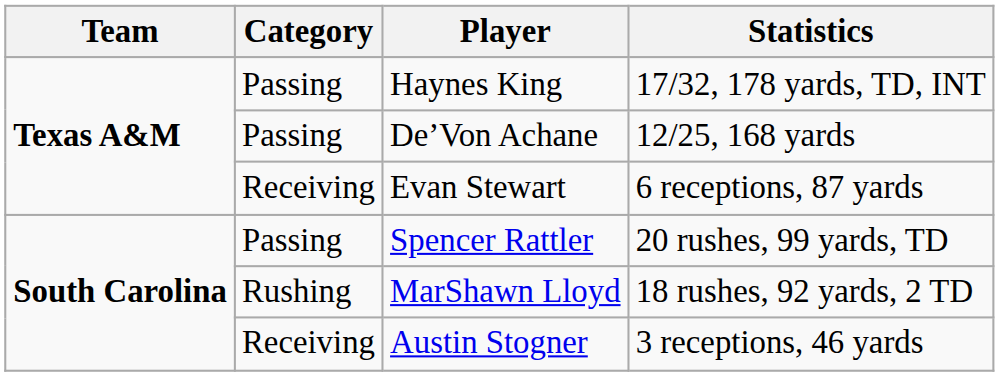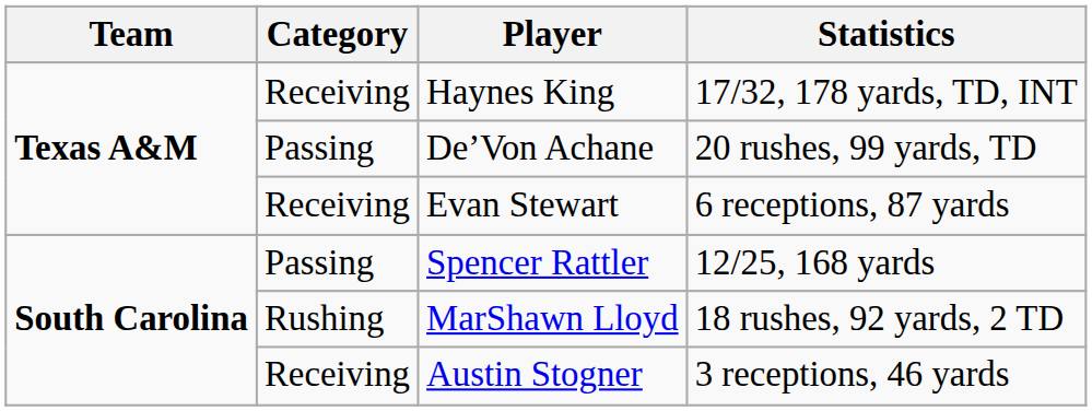 <table class="wikitable" style="float: right;">
 <tr>
 <th>Team</th>
 <th>Category</th>
 <th>Player</th>
 <th>Statistics</th>
 </tr>
 <tr>
 <td rowspan=3><strong>Texas A&M</strong></td>
-<td>Passing</td>
+<td>Receiving</td>
 <td>Haynes King</td>
 <td>17/32, 178 yards, TD, INT</td>
 </tr>
 <tr>
 <td>Passing</td>
 <td>De’Von Achane</td>
-<td>12/25, 168 yards</td>
+<td>20 rushes, 99 yards, TD</td>
 </tr>
 <tr>
 <td>Receiving</td>
 <td>Evan Stewart</td>
 <td>6 receptions, 87 yards</td>
 </tr>
 <tr>
 <td rowspan=3><strong>South Carolina</strong></td>
 <td>Passing</td>
 <td><a href='#'>Spencer Rattler</a></td>
-<td>20 rushes, 99 yards, TD</td>
+<td>12/25, 168 yards</td>
 </tr>
 <tr>
 <td>Rushing</td>
 <td><a href='#'>MarShawn Lloyd</a></td>
 <td>18 rushes, 92 yards, 2 TD</td>
 </tr>
 <tr>
 <td>Receiving</td>
 <td><a href='#'>Austin Stogner</a></td>
 <td>3 receptions, 46 yards</td>
 </tr>
 </table>
